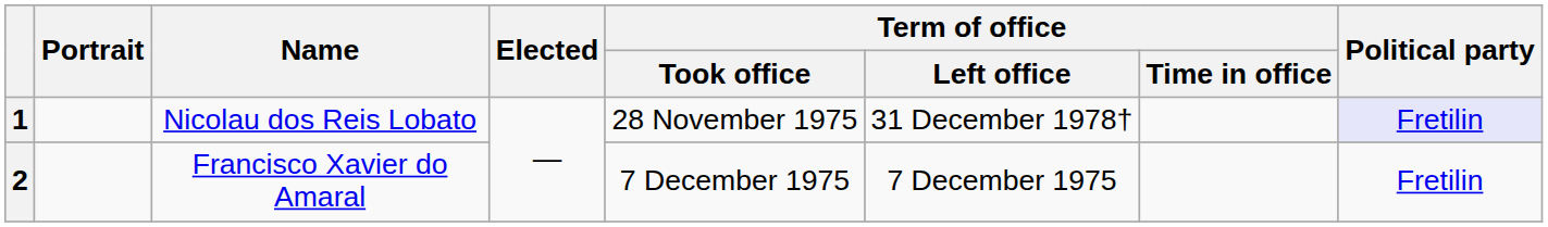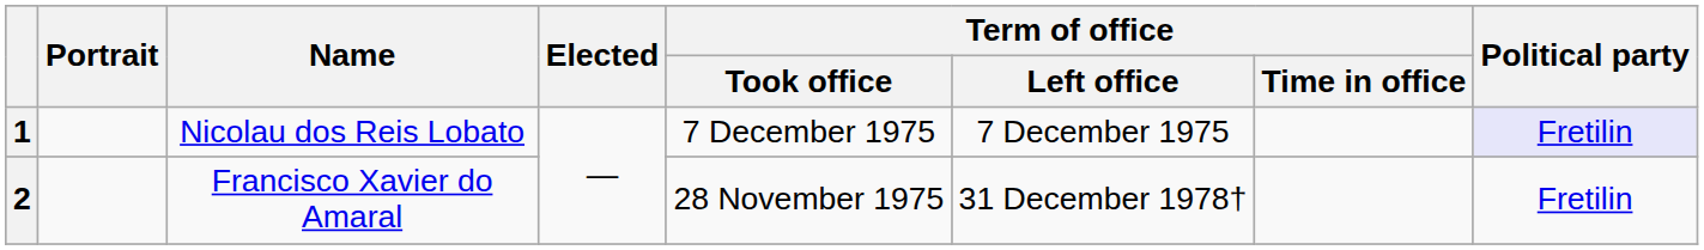 <table class="wikitable" style="text-align:center">
 <tr>
 <th rowspan="2"></th>
 <th rowspan="2">Portrait</th>
 <th rowspan="2" width="180">Name<br></th>
 <th rowspan="2">Elected</th>
 <th colspan="3">Term of office</th>
 <th rowspan="2">Political party</th>
 </tr>
 <tr>
 <th>Took office</th>
 <th>Left office</th>
 <th>Time in office</th>
 </tr>
 <tr>
 <th style="background:">1</th>
 <td></td>
 <td><a href='#'>Nicolau dos Reis Lobato</a><br></td>
 <td rowspan="2">—</td>
-<td>28 November 1975</td>
-<td>31 December 1978†</td>
+<td>7 December 1975</td>
+<td>7 December 1975</td>
 <td></td>
 <td style="background: lavender;"><a href='#'>Fretilin</a></td>
 </tr>
 <tr>
 <th style="background:">2</th>
 <td></td>
 <td><a href='#'>Francisco Xavier do Amaral</a><br></td>
-<td>7 December 1975</td>
-<td>7 December 1975</td>
+<td>28 November 1975</td>
+<td>31 December 1978†</td>
 <td></td>
 <td><a href='#'>Fretilin</a></td>
 </tr>
 </table>
